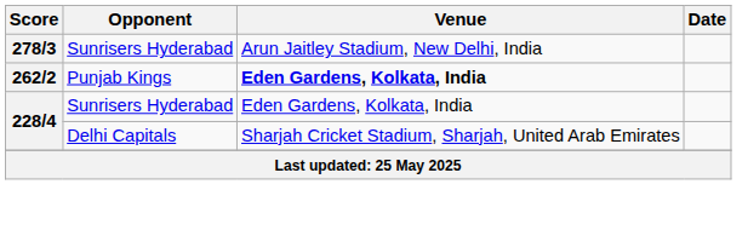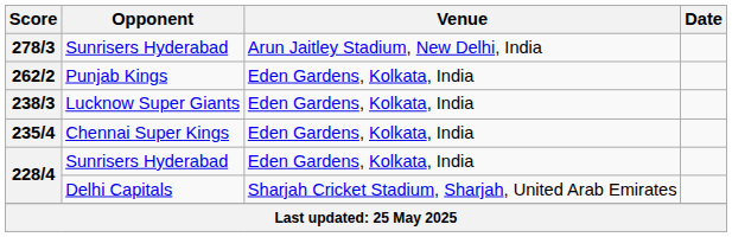 <table class="wikitable" style="text-align:left;font-size:96%;">
 <tr>
 <th><strong>Score</strong></th>
 <th><strong>Opponent</strong></th>
 <th><strong>Venue</strong></th>
 <th><strong>Date</strong></th>
 </tr>
 <tr>
 <th>278/3</th>
 <td><a href='#'>Sunrisers Hyderabad</a></td>
 <td><a href='#'>Arun Jaitley Stadium</a>, <a href='#'>New Delhi</a>, India</td>
 <td></td>
 </tr>
 <tr>
 <th>262/2</th>
 <td><a href='#'>Punjab Kings</a></td>
-<td><strong><a href='#'>Eden Gardens</a>, <a href='#'>Kolkata</a>, India</strong></td>
+<td><a href='#'>Eden Gardens</a>, <a href='#'>Kolkata</a>, India</td>
+<td></td>
+</tr>
+<tr>
+<th>238/3</th>
+<td><a href='#'>Lucknow Super Giants</a></td>
+<td><a href='#'>Eden Gardens</a>, <a href='#'>Kolkata</a>, India</td>
+<td></td>
+</tr>
+<tr>
+<th>235/4</th>
+<td><a href='#'>Chennai Super Kings</a></td>
+<td><a href='#'>Eden Gardens</a>, <a href='#'>Kolkata</a>, India</td>
 <td></td>
 </tr>
 <tr>
 <th rowspan=2>228/4</th>
 <td><a href='#'>Sunrisers Hyderabad</a></td>
 <td><a href='#'>Eden Gardens</a>, <a href='#'>Kolkata</a>, India</td>
 <td></td>
 </tr>
 <tr>
 <td><a href='#'>Delhi Capitals</a></td>
 <td><a href='#'>Sharjah Cricket Stadium</a>, <a href='#'>Sharjah</a>, United Arab Emirates</td>
 <td></td>
 </tr>
 <tr>
 </tr>
 <tr class=sortbottom>
 <th colspan="4"><small>Last updated: 25 May 2025</small></th>
 </tr>
 </table>
